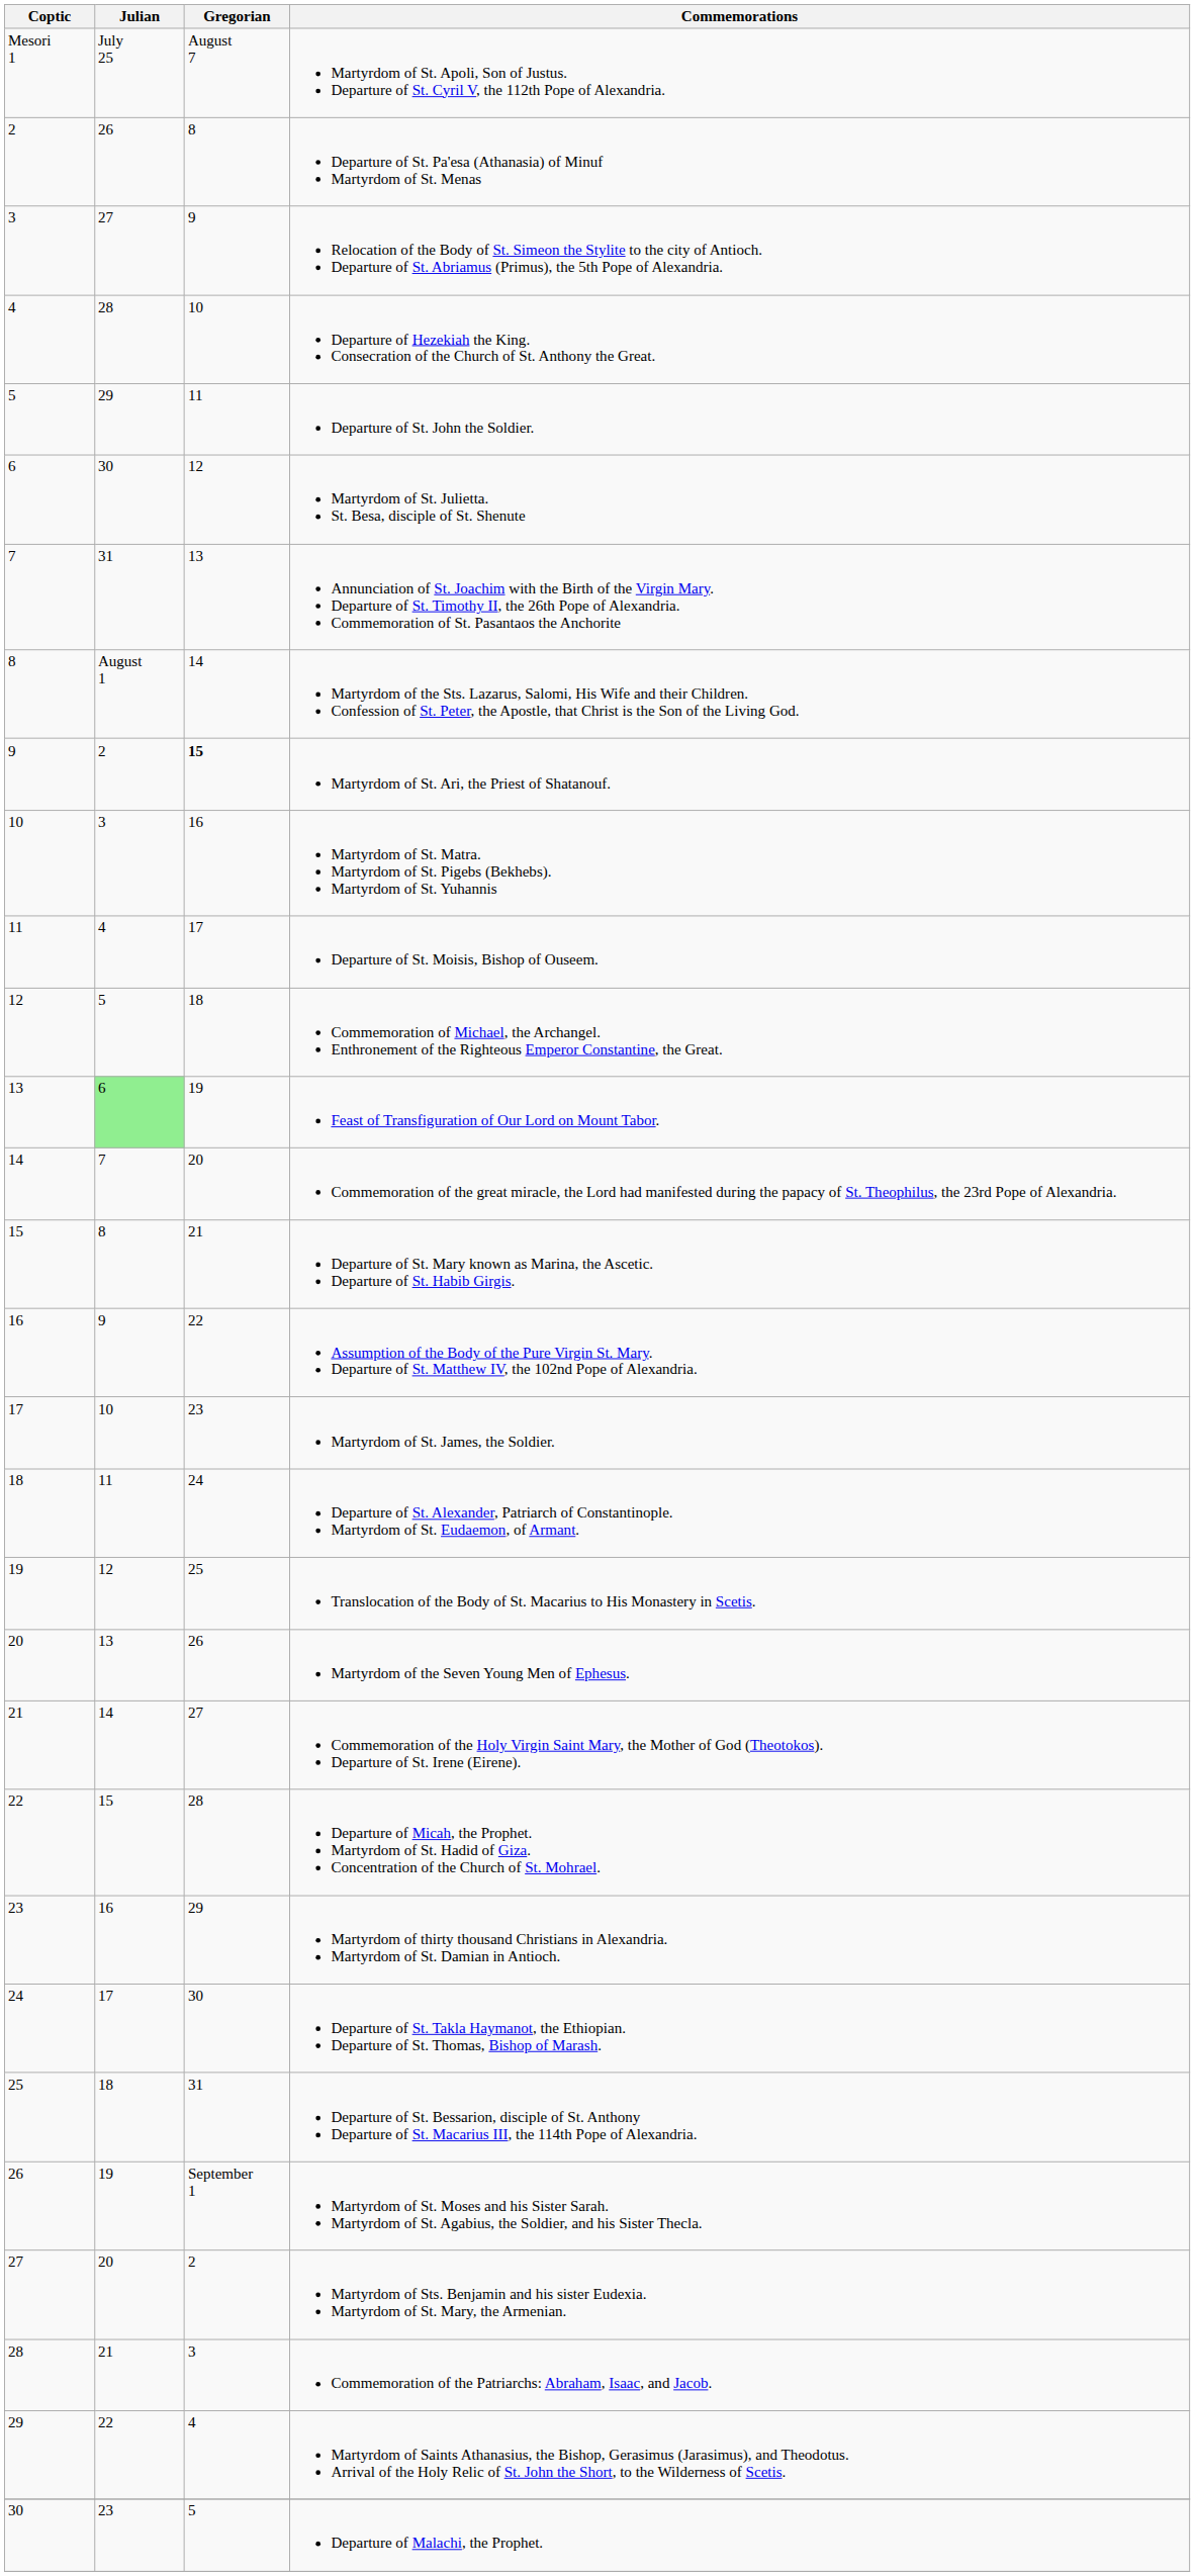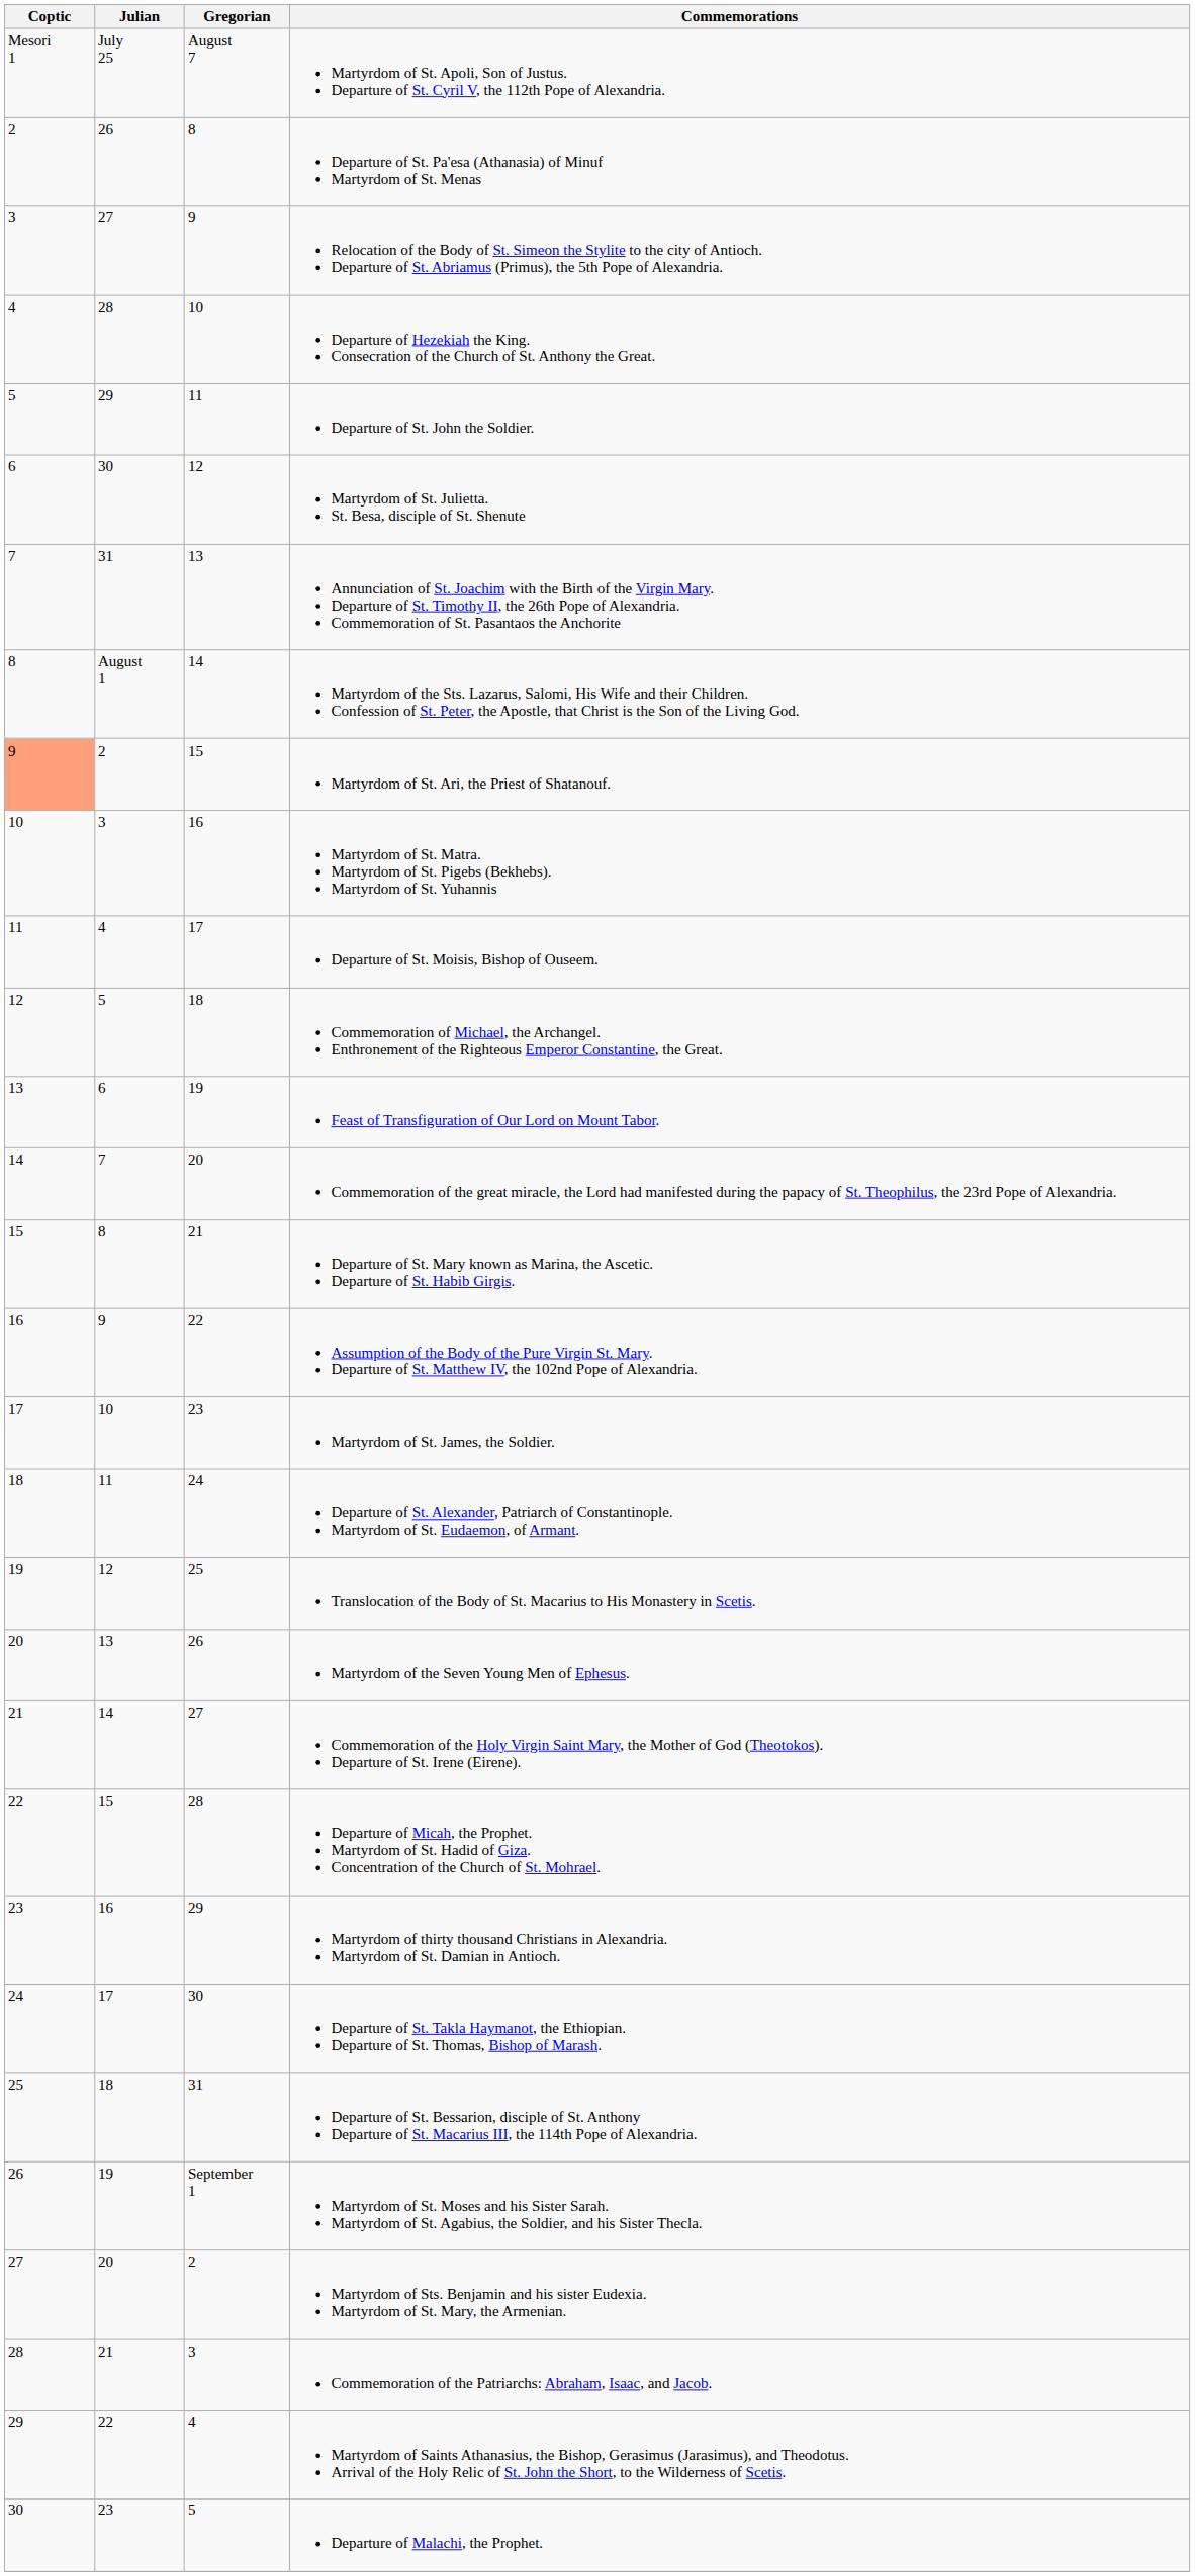 <table class="wikitable">
 <tr>
 <th style="width:5%;">Coptic</th>
 <th style="width:5%;">Julian</th>
 <th style="width:5%;">Gregorian</th>
 <th style="width:50%;">Commemorations</th>
 </tr>
 <tr valign="top">
 <td>Mesori<br>1</td>
 <td>July<br>25</td>
 <td>August<br>7</td>
 <td><br><ul><li>Martyrdom of St. Apoli, Son of Justus.</li><li>Departure of <a href='#'>St. Cyril V</a>, the 112th Pope of Alexandria.</li></ul></td>
 </tr>
 <tr valign="top">
 <td>2</td>
 <td>26</td>
 <td>8</td>
 <td><br><ul><li>Departure of St. Pa'esa (Athanasia) of Minuf</li><li>Martyrdom of St. Menas</li></ul></td>
 </tr>
 <tr valign="top">
 <td>3</td>
 <td>27</td>
 <td>9</td>
 <td><br><ul><li>Relocation of the Body of <a href='#'>St. Simeon the Stylite</a> to the city of Antioch.</li><li>Departure of <a href='#'>St. Abriamus</a> (Primus), the 5th Pope of Alexandria.</li></ul></td>
 </tr>
 <tr valign="top">
 <td>4</td>
 <td>28</td>
 <td>10</td>
 <td><br><ul><li>Departure of <a href='#'>Hezekiah</a> the King.</li><li>Consecration of the Church of St. Anthony the Great.</li></ul></td>
 </tr>
 <tr valign="top">
 <td>5</td>
 <td>29</td>
 <td>11</td>
 <td><br><ul><li>Departure of St. John the Soldier.</li></ul></td>
 </tr>
 <tr valign="top">
 <td>6</td>
 <td>30</td>
 <td>12</td>
 <td><br><ul><li>Martyrdom of St. Julietta.</li><li>St. Besa, disciple of St. Shenute</li></ul></td>
 </tr>
 <tr valign="top">
 <td>7</td>
 <td>31</td>
 <td>13</td>
 <td><br><ul><li>Annunciation of <a href='#'>St. Joachim</a> with the Birth of the <a href='#'>Virgin Mary</a>.</li><li>Departure of <a href='#'>St. Timothy II</a>, the 26th Pope of Alexandria.</li><li>Commemoration of St. Pasantaos the Anchorite</li></ul></td>
 </tr>
 <tr valign="top">
 <td>8</td>
 <td>August<br>1</td>
 <td>14</td>
 <td><br><ul><li>Martyrdom of the Sts. Lazarus, Salomi, His Wife and their Children.</li><li>Confession of <a href='#'>St. Peter</a>, the Apostle, that Christ is the Son of the Living God.</li></ul></td>
 </tr>
 <tr valign="top">
-<td>9</td>
+<td style="background: lightsalmon;">9</td>
 <td>2</td>
-<td><strong>15</strong></td>
+<td>15</td>
 <td><br><ul><li>Martyrdom of St. Ari, the Priest of Shatanouf.</li></ul></td>
 </tr>
 <tr valign="top">
 <td>10</td>
 <td>3</td>
 <td>16</td>
 <td><br><ul><li>Martyrdom of St. Matra.</li><li>Martyrdom of St. Pigebs (Bekhebs).</li><li>Martyrdom of St. Yuhannis</li></ul></td>
 </tr>
 <tr valign="top">
 <td>11</td>
 <td>4</td>
 <td>17</td>
 <td><br><ul><li>Departure of St. Moisis, Bishop of Ouseem.</li></ul></td>
 </tr>
 <tr valign="top">
 <td>12</td>
 <td>5</td>
 <td>18</td>
 <td><br><ul><li>Commemoration of <a href='#'>Michael</a>, the Archangel.</li><li>Enthronement of the Righteous <a href='#'>Emperor Constantine</a>, the Great.</li></ul></td>
 </tr>
 <tr valign="top">
 <td>13</td>
-<td style="background: lightgreen;">6</td>
+<td>6</td>
 <td>19</td>
 <td><br><ul><li><a href='#'>Feast of Transfiguration of Our Lord on Mount Tabor</a>.</li></ul></td>
 </tr>
 <tr valign="top">
 <td>14</td>
 <td>7</td>
 <td>20</td>
 <td><br><ul><li>Commemoration of the great miracle, the Lord had manifested during the papacy of <a href='#'>St. Theophilus</a>, the 23rd Pope of Alexandria.</li></ul></td>
 </tr>
 <tr valign="top">
 <td>15</td>
 <td>8</td>
 <td>21</td>
 <td><br><ul><li>Departure of St. Mary known as Marina, the Ascetic.</li><li>Departure of <a href='#'>St. Habib Girgis</a>.</li></ul></td>
 </tr>
 <tr valign="top">
 <td>16</td>
 <td>9</td>
 <td>22</td>
 <td><br><ul><li><a href='#'>Assumption of the Body of the Pure Virgin St. Mary</a>.</li><li>Departure of <a href='#'>St. Matthew IV</a>, the 102nd Pope of Alexandria.</li></ul></td>
 </tr>
 <tr valign="top">
 <td>17</td>
 <td>10</td>
 <td>23</td>
 <td><br><ul><li>Martyrdom of St. James, the Soldier.</li></ul></td>
 </tr>
 <tr valign="top">
 <td>18</td>
 <td>11</td>
 <td>24</td>
 <td><br><ul><li>Departure of <a href='#'>St. Alexander</a>, Patriarch of Constantinople.</li><li>Martyrdom of St. <a href='#'>Eudaemon</a>, of <a href='#'>Armant</a>.</li></ul></td>
 </tr>
 <tr valign="top">
 <td>19</td>
 <td>12</td>
 <td>25</td>
 <td><br><ul><li>Translocation of the Body of St. Macarius to His Monastery in <a href='#'>Scetis</a>.</li></ul></td>
 </tr>
 <tr valign="top">
 <td>20</td>
 <td>13</td>
 <td>26</td>
 <td><br><ul><li>Martyrdom of the Seven Young Men of <a href='#'>Ephesus</a>.</li></ul></td>
 </tr>
 <tr valign="top">
 <td>21</td>
 <td>14</td>
 <td>27</td>
 <td><br><ul><li>Commemoration of the <a href='#'>Holy Virgin Saint Mary</a>, the Mother of God (<a href='#'>Theotokos</a>).</li><li>Departure of St. Irene (Eirene).</li></ul></td>
 </tr>
 <tr valign="top">
 <td>22</td>
 <td>15</td>
 <td>28</td>
 <td><br><ul><li>Departure of <a href='#'>Micah</a>, the Prophet.</li><li>Martyrdom of St. Hadid of <a href='#'>Giza</a>.</li><li>Concentration of the Church of <a href='#'>St. Mohrael</a>.</li></ul></td>
 </tr>
 <tr valign="top">
 <td>23</td>
 <td>16</td>
 <td>29</td>
 <td><br><ul><li>Martyrdom of thirty thousand Christians in Alexandria.</li><li>Martyrdom of St. Damian in Antioch.</li></ul></td>
 </tr>
 <tr valign="top">
 <td>24</td>
 <td>17</td>
 <td>30</td>
 <td><br><ul><li>Departure of <a href='#'>St. Takla Haymanot</a>, the Ethiopian.</li><li>Departure of St. Thomas, <a href='#'>Bishop of Marash</a>.</li></ul></td>
 </tr>
 <tr valign="top">
 <td>25</td>
 <td>18</td>
 <td>31</td>
 <td><br><ul><li>Departure of St. Bessarion, disciple of St. Anthony</li><li>Departure of <a href='#'>St. Macarius III</a>, the 114th Pope of Alexandria.</li></ul></td>
 </tr>
 <tr valign="top">
 <td>26</td>
 <td>19</td>
 <td>September<br>1</td>
 <td><br><ul><li>Martyrdom of St. Moses and his Sister Sarah.</li><li>Martyrdom of St. Agabius, the Soldier, and his Sister Thecla.</li></ul></td>
 </tr>
 <tr valign="top">
 <td>27</td>
 <td>20</td>
 <td>2</td>
 <td><br><ul><li>Martyrdom of Sts. Benjamin and his sister Eudexia.</li><li>Martyrdom of St. Mary, the Armenian.</li></ul></td>
 </tr>
 <tr valign="top">
 <td>28</td>
 <td>21</td>
 <td>3</td>
 <td><br><ul><li>Commemoration of the Patriarchs: <a href='#'>Abraham</a>, <a href='#'>Isaac</a>, and <a href='#'>Jacob</a>.</li></ul></td>
 </tr>
 <tr valign="top">
 <td>29</td>
 <td>22</td>
 <td>4</td>
 <td><br><ul><li>Martyrdom of Saints Athanasius, the Bishop, Gerasimus (Jarasimus), and Theodotus.</li><li>Arrival of the Holy Relic of <a href='#'>St. John the Short</a>, to the Wilderness of <a href='#'>Scetis</a>.</li></ul></td>
 </tr>
 <tr valign="top">
 </tr>
 <tr valign="top">
 <td>30</td>
 <td>23</td>
 <td>5</td>
 <td><br><ul><li>Departure of <a href='#'>Malachi</a>, the Prophet.</li></ul></td>
 </tr>
 <tr valign="top">
 </tr>
 </table>
